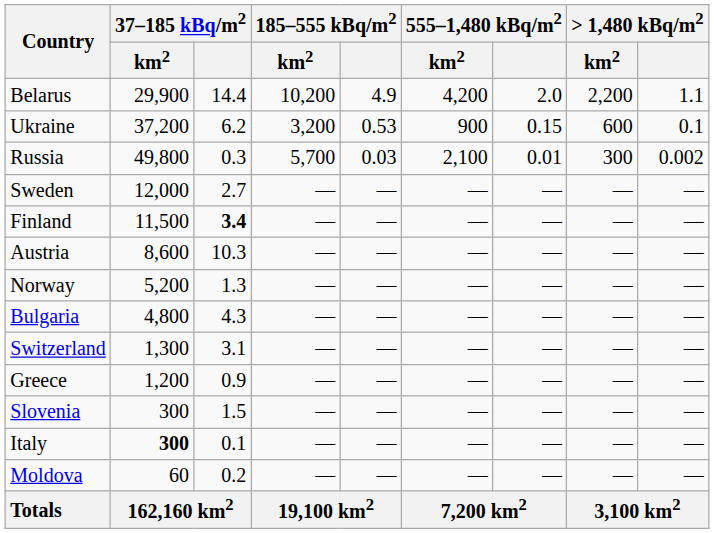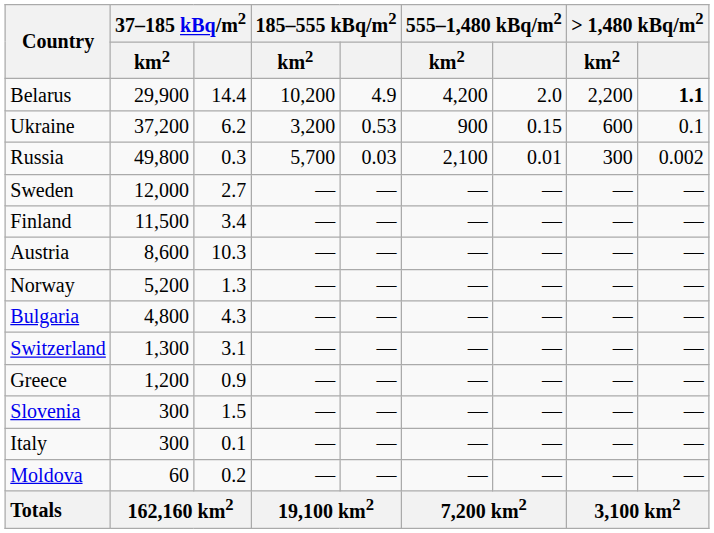 <table class="wikitable sortable" style="margin:auto;">
 <tr>
 <th rowspan=2>Country</th>
 <th colspan=2>37–185 <a href='#'>kBq</a>/m<sup>2</sup></th>
 <th colspan=2>185–555 kBq/m<sup>2</sup></th>
 <th colspan=2>555–1,480 kBq/m<sup>2</sup></th>
 <th colspan=2>> 1,480 kBq/m<sup>2</sup></th>
 </tr>
 <tr style=font-weight:bold;>
 <th>km<sup>2</sup></th>
 <th></th>
 <th>km<sup>2</sup></th>
 <th></th>
 <th>km<sup>2</sup></th>
 <th></th>
 <th>km<sup>2</sup></th>
 <th></th>
 </tr>
 <tr style=text-align:right;>
 <td style=text-align:left;>Belarus</td>
 <td>29,900</td>
 <td>14.4</td>
 <td>10,200</td>
 <td>4.9</td>
 <td>4,200</td>
 <td>2.0</td>
 <td>2,200</td>
-<td>1.1</td>
+<td><strong>1.1</strong></td>
 </tr>
 <tr style=text-align:right;>
 <td style=text-align:left;>Ukraine</td>
 <td>37,200</td>
 <td>6.2</td>
 <td>3,200</td>
 <td>0.53</td>
 <td>900</td>
 <td>0.15</td>
 <td>600</td>
 <td>0.1</td>
 </tr>
 <tr style=text-align:right;>
 <td style=text-align:left;>Russia</td>
 <td>49,800</td>
 <td>0.3</td>
 <td>5,700</td>
 <td>0.03</td>
 <td>2,100</td>
 <td>0.01</td>
 <td>300</td>
 <td>0.002</td>
 </tr>
 <tr style=text-align:right;>
 <td style=text-align:left;>Sweden</td>
 <td>12,000</td>
 <td>2.7</td>
 <td>—</td>
 <td>—</td>
 <td>—</td>
 <td>—</td>
 <td>—</td>
 <td>—</td>
 </tr>
 <tr style=text-align:right;>
 <td style=text-align:left;>Finland</td>
 <td>11,500</td>
-<td><strong>3.4</strong></td>
+<td>3.4</td>
 <td>—</td>
 <td>—</td>
 <td>—</td>
 <td>—</td>
 <td>—</td>
 <td>—</td>
 </tr>
 <tr style=text-align:right;>
 <td style=text-align:left;>Austria</td>
 <td>8,600</td>
 <td>10.3</td>
 <td>—</td>
 <td>—</td>
 <td>—</td>
 <td>—</td>
 <td>—</td>
 <td>—</td>
 </tr>
 <tr style=text-align:right;>
 <td style=text-align:left;>Norway</td>
 <td>5,200</td>
 <td>1.3</td>
 <td>—</td>
 <td>—</td>
 <td>—</td>
 <td>—</td>
 <td>—</td>
 <td>—</td>
 </tr>
 <tr style=text-align:right;>
 <td style=text-align:left;><a href='#'>Bulgaria</a></td>
 <td>4,800</td>
 <td>4.3</td>
 <td>—</td>
 <td>—</td>
 <td>—</td>
 <td>—</td>
 <td>—</td>
 <td>—</td>
 </tr>
 <tr style=text-align:right;>
 <td style=text-align:left;><a href='#'>Switzerland</a></td>
 <td>1,300</td>
 <td>3.1</td>
 <td>—</td>
 <td>—</td>
 <td>—</td>
 <td>—</td>
 <td>—</td>
 <td>—</td>
 </tr>
 <tr style=text-align:right;>
 <td style=text-align:left;>Greece</td>
 <td>1,200</td>
 <td>0.9</td>
 <td>—</td>
 <td>—</td>
 <td>—</td>
 <td>—</td>
 <td>—</td>
 <td>—</td>
 </tr>
 <tr style=text-align:right;>
 <td style=text-align:left;><a href='#'>Slovenia</a></td>
 <td>300</td>
 <td>1.5</td>
 <td>—</td>
 <td>—</td>
 <td>—</td>
 <td>—</td>
 <td>—</td>
 <td>—</td>
 </tr>
 <tr style=text-align:right;>
 <td style=text-align:left;>Italy</td>
-<td><strong>300</strong></td>
+<td>300</td>
 <td>0.1</td>
 <td>—</td>
 <td>—</td>
 <td>—</td>
 <td>—</td>
 <td>—</td>
 <td>—</td>
 </tr>
 <tr style=text-align:right;>
 <td style=text-align:left;><a href='#'>Moldova</a></td>
 <td>60</td>
 <td>0.2</td>
 <td>—</td>
 <td>—</td>
 <td>—</td>
 <td>—</td>
 <td>—</td>
 <td>—</td>
 </tr>
 <tr>
 <th style=text-align:left;>Totals</th>
 <th colspan=2>162,160 km<sup>2</sup></th>
 <th colspan=2>19,100 km<sup>2</sup></th>
 <th colspan=2>7,200 km<sup>2</sup></th>
 <th colspan=2>3,100 km<sup>2</sup></th>
 </tr>
 </table>
